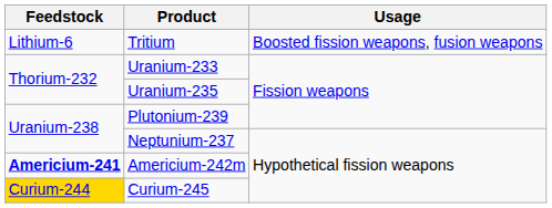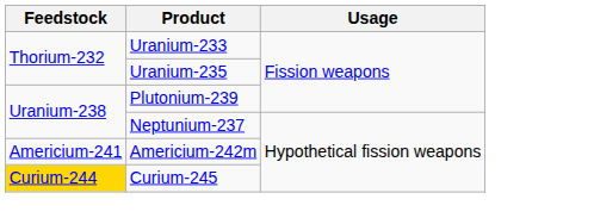 <table class="wikitable">
 <tr>
 <th>Feedstock</th>
 <th>Product</th>
 <th>Usage</th>
-</tr>
-<tr>
-<td><a href='#'>Lithium-6</a></td>
-<td><a href='#'>Tritium</a></td>
-<td><a href='#'>Boosted fission weapons</a>, <a href='#'>fusion weapons</a></td>
 </tr>
 <tr>
 <td rowspan="2"><a href='#'>Thorium-232</a></td>
 <td><a href='#'>Uranium-233</a></td>
 <td rowspan="3"><a href='#'>Fission weapons</a></td>
 </tr>
 <tr>
 <td><a href='#'>Uranium-235</a></td>
 </tr>
 <tr>
 <td rowspan="2"><a href='#'>Uranium-238</a></td>
 <td><a href='#'>Plutonium-239</a></td>
 </tr>
 <tr>
 <td><a href='#'>Neptunium-237</a></td>
 <td rowspan="3">Hypothetical fission weapons</td>
 </tr>
 <tr>
-<td><strong><a href='#'>Americium-241</a></strong></td>
+<td><a href='#'>Americium-241</a></td>
 <td><a href='#'>Americium-242m</a></td>
 </tr>
 <tr>
 <td style="background: gold;"><a href='#'>Curium-244</a></td>
 <td><a href='#'>Curium-245</a></td>
 </tr>
 </table>
